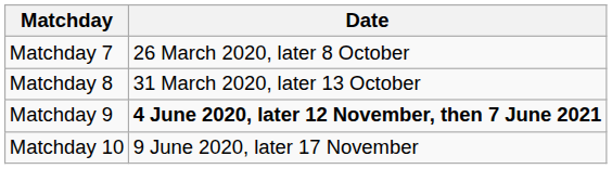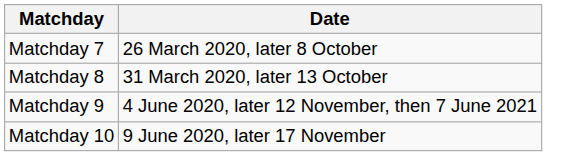 <table class="wikitable mw-collapsible mw-collapsed">
 <tr>
 <th>Matchday</th>
 <th>Date</th>
 </tr>
 <tr>
 <td>Matchday 7</td>
 <td>26 March 2020, later 8 October</td>
 </tr>
 <tr>
 <td>Matchday 8</td>
 <td>31 March 2020, later 13 October</td>
 </tr>
 <tr>
 <td>Matchday 9</td>
-<td><strong>4 June 2020, later 12 November, then 7 June 2021</strong></td>
+<td>4 June 2020, later 12 November, then 7 June 2021</td>
 </tr>
 <tr>
 <td>Matchday 10</td>
 <td>9 June 2020, later 17 November</td>
 </tr>
 </table>
